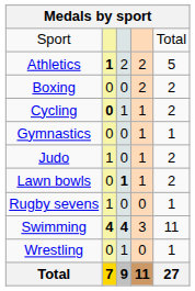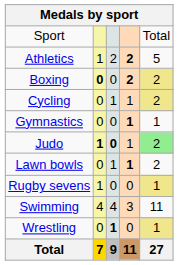 <table class="wikitable" style="font-size:80%; float:right">
 <tr bgcolor=#efefef>
 <th colspan=7>Medals by sport</th>
 </tr>
 <tr align=center>
 <td>Sport</td>
 <td bgcolor=#f7f6a8></td>
 <td bgcolor=#dce5e5></td>
 <td bgcolor=#ffdab9></td>
 <td>Total</td>
 </tr>
 <tr align=center>
 <td><a href='#'>Athletics</a></td>
-<td bgcolor=#f7f6a8><strong>1</strong></td>
+<td bgcolor=#f7f6a8>1</td>
 <td bgcolor=#dce5e5>2</td>
-<td bgcolor=#ffdab9>2</td>
+<td bgcolor=#ffdab9><strong>2</strong></td>
 <td>5</td>
 </tr>
 <tr align=center>
 <td><a href='#'>Boxing</a></td>
-<td bgcolor=#f7f6a8>0</td>
+<td bgcolor=#f7f6a8><strong>0</strong></td>
 <td bgcolor=#dce5e5>0</td>
-<td bgcolor=#ffdab9>2</td>
-<td>2</td>
+<td bgcolor=#ffdab9><strong>2</strong></td>
+<td style="background: khaki;">2</td>
 </tr>
 <tr align=center>
 <td><a href='#'>Cycling</a></td>
-<td bgcolor=#f7f6a8><strong>0</strong></td>
+<td bgcolor=#f7f6a8>0</td>
 <td bgcolor=#dce5e5>1</td>
 <td bgcolor=#ffdab9>1</td>
-<td>2</td>
+<td style="background: khaki;">2</td>
 </tr>
 <tr align=center>
 <td><a href='#'>Gymnastics</a></td>
 <td bgcolor=#f7f6a8>0</td>
 <td bgcolor=#dce5e5>0</td>
-<td bgcolor=#ffdab9>1</td>
+<td bgcolor=#ffdab9><strong>1</strong></td>
 <td>1</td>
 </tr>
 <tr align=center>
 <td><a href='#'>Judo</a></td>
-<td bgcolor=#f7f6a8>1</td>
-<td bgcolor=#dce5e5>0</td>
+<td bgcolor=#f7f6a8><strong>1</strong></td>
+<td bgcolor=#dce5e5><strong>0</strong></td>
 <td bgcolor=#ffdab9>1</td>
-<td>2</td>
+<td style="background: lightgreen;">2</td>
 </tr>
 <tr align=center>
 <td><a href='#'>Lawn bowls</a></td>
 <td bgcolor=#f7f6a8>0</td>
-<td bgcolor=#dce5e5><strong>1</strong></td>
-<td bgcolor=#ffdab9>1</td>
+<td bgcolor=#dce5e5>1</td>
+<td bgcolor=#ffdab9><strong>1</strong></td>
 <td>2</td>
 </tr>
 <tr align=center>
 <td><a href='#'>Rugby sevens</a></td>
 <td bgcolor=#f7f6a8>1</td>
 <td bgcolor=#dce5e5>0</td>
 <td bgcolor=#ffdab9>0</td>
-<td>1</td>
+<td style="background: khaki;">1</td>
 </tr>
 <tr align=center>
 <td><a href='#'>Swimming</a></td>
-<td bgcolor=#f7f6a8><strong>4</strong></td>
-<td bgcolor=#dce5e5><strong>4</strong></td>
+<td bgcolor=#f7f6a8>4</td>
+<td bgcolor=#dce5e5>4</td>
 <td bgcolor=#ffdab9>3</td>
 <td>11</td>
 </tr>
 <tr align=center>
 <td><a href='#'>Wrestling</a></td>
 <td bgcolor=#f7f6a8>0</td>
-<td bgcolor=#dce5e5>1</td>
+<td bgcolor=#dce5e5><strong>1</strong></td>
 <td bgcolor=#ffdab9>0</td>
-<td>1</td>
+<td style="background: khaki;">1</td>
 </tr>
 <tr align=center>
 <th>Total</th>
 <th style="background:gold;">7</th>
 <th style="background:silver;">9</th>
 <th style="background:#c96;">11</th>
 <th>27</th>
 </tr>
 </table>
